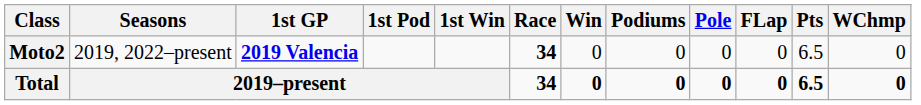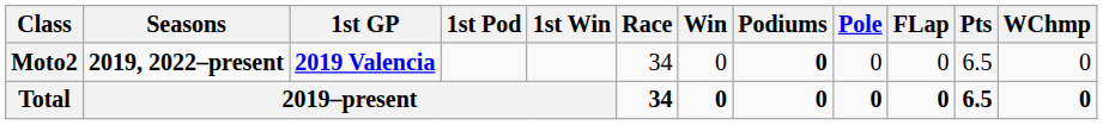 <table class="wikitable" style=text-align:right>
 <tr>
 <th>Class</th>
 <th>Seasons</th>
 <th>1st GP</th>
 <th>1st Pod</th>
 <th>1st Win</th>
 <th>Race</th>
 <th>Win</th>
 <th>Podiums</th>
 <th><a href='#'>Pole</a></th>
 <th>FLap</th>
 <th>Pts</th>
 <th>WChmp</th>
 </tr>
 <tr>
 <th>Moto2</th>
-<td>2019, 2022–present</td>
+<td><strong>2019, 2022–present</strong></td>
 <td align="left"><strong><a href='#'>2019 Valencia</a></strong></td>
 <td></td>
 <td></td>
-<td><strong>34</strong></td>
+<td>34</td>
 <td>0</td>
-<td>0</td>
+<td><strong>0</strong></td>
 <td>0</td>
 <td>0</td>
 <td>6.5</td>
 <td>0</td>
 </tr>
 <tr>
 <th>Total</th>
 <th colspan=4>2019–present</th>
 <td><strong>34</strong></td>
 <td><strong>0</strong></td>
 <td><strong>0</strong></td>
 <td><strong>0</strong></td>
 <td><strong>0</strong></td>
 <td><strong>6.5</strong></td>
 <td><strong>0</strong></td>
 </tr>
 </table>
